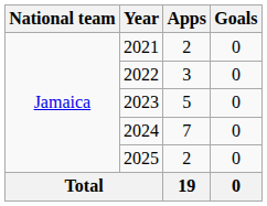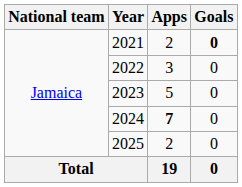 <table class="wikitable" style="text-align:center">
 <tr>
 <th>National team</th>
 <th>Year</th>
 <th>Apps</th>
 <th>Goals</th>
 </tr>
 <tr>
 <td rowspan="5"><a href='#'>Jamaica</a></td>
 <td>2021</td>
 <td>2</td>
-<td>0</td>
+<td><strong>0</strong></td>
 </tr>
 <tr>
 <td>2022</td>
 <td>3</td>
 <td>0</td>
 </tr>
 <tr>
 <td>2023</td>
 <td>5</td>
 <td>0</td>
 </tr>
 <tr>
 <td>2024</td>
-<td>7</td>
+<td><strong>7</strong></td>
 <td>0</td>
 </tr>
 <tr>
 <td>2025</td>
 <td>2</td>
 <td>0</td>
 </tr>
 <tr>
 <th colspan="2">Total</th>
 <th>19</th>
 <th>0</th>
 </tr>
 </table>
